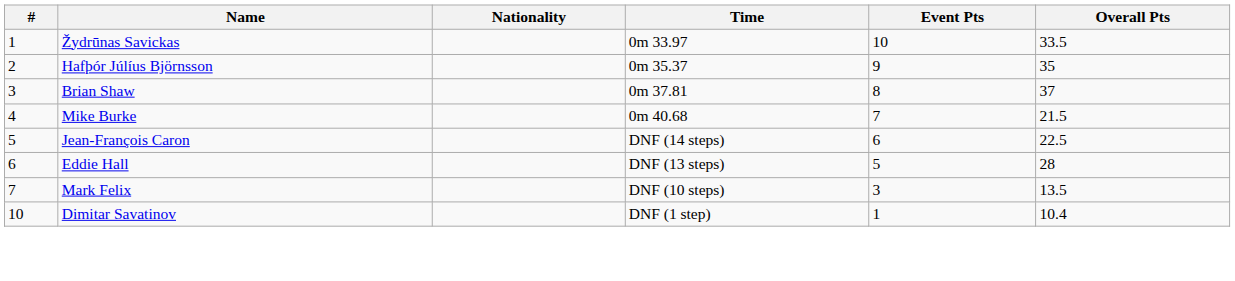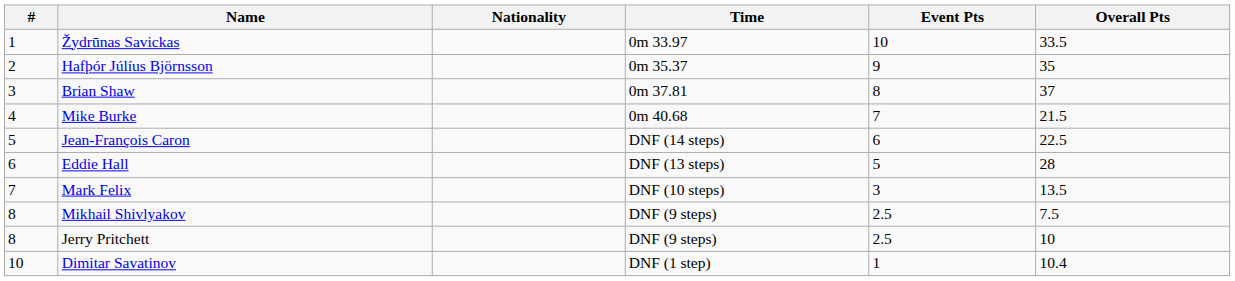 <table class="wikitable sortable" style="display: inline-table; width: 100%;">
 <tr>
 <th>#</th>
 <th>Name</th>
 <th>Nationality</th>
 <th>Time</th>
 <th>Event Pts</th>
 <th>Overall Pts</th>
 </tr>
 <tr>
 <td>1</td>
 <td><a href='#'>Žydrūnas Savickas</a></td>
 <td></td>
 <td>0m 33.97</td>
 <td>10</td>
 <td>33.5</td>
 </tr>
 <tr>
 <td>2</td>
 <td><a href='#'>Hafþór Júlíus Björnsson</a></td>
 <td></td>
 <td>0m 35.37</td>
 <td>9</td>
 <td>35</td>
 </tr>
 <tr>
 <td>3</td>
 <td><a href='#'>Brian Shaw</a></td>
 <td></td>
 <td>0m 37.81</td>
 <td>8</td>
 <td>37</td>
 </tr>
 <tr>
 <td>4</td>
 <td><a href='#'>Mike Burke</a></td>
 <td></td>
 <td>0m 40.68</td>
 <td>7</td>
 <td>21.5</td>
 </tr>
 <tr>
 <td>5</td>
 <td><a href='#'>Jean-François Caron</a></td>
 <td></td>
 <td>DNF (14 steps)</td>
 <td>6</td>
 <td>22.5</td>
 </tr>
 <tr>
 <td>6</td>
 <td><a href='#'>Eddie Hall</a></td>
 <td></td>
 <td>DNF (13 steps)</td>
 <td>5</td>
 <td>28</td>
 </tr>
 <tr>
 <td>7</td>
 <td><a href='#'>Mark Felix</a></td>
 <td></td>
 <td>DNF (10 steps)</td>
 <td>3</td>
 <td>13.5</td>
 </tr>
 <tr>
+<td>8</td>
+<td><a href='#'>Mikhail Shivlyakov</a></td>
+<td></td>
+<td>DNF (9 steps)</td>
+<td>2.5</td>
+<td>7.5</td>
+</tr>
+<tr>
+<td>8</td>
+<td>Jerry Pritchett</td>
+<td></td>
+<td>DNF (9 steps)</td>
+<td>2.5</td>
+<td>10</td>
+</tr>
+<tr>
 <td>10</td>
 <td><a href='#'>Dimitar Savatinov</a></td>
 <td></td>
 <td>DNF (1 step)</td>
 <td>1</td>
 <td>10.4</td>
 </tr>
 </table>
